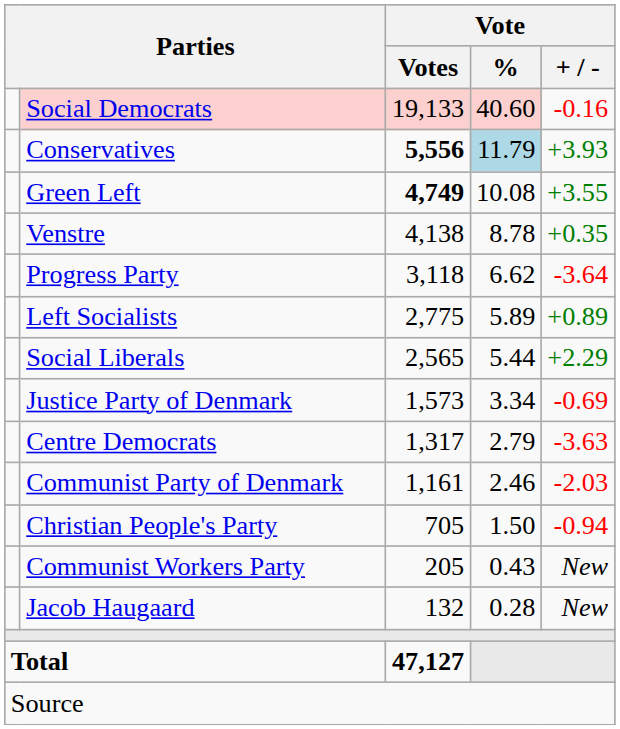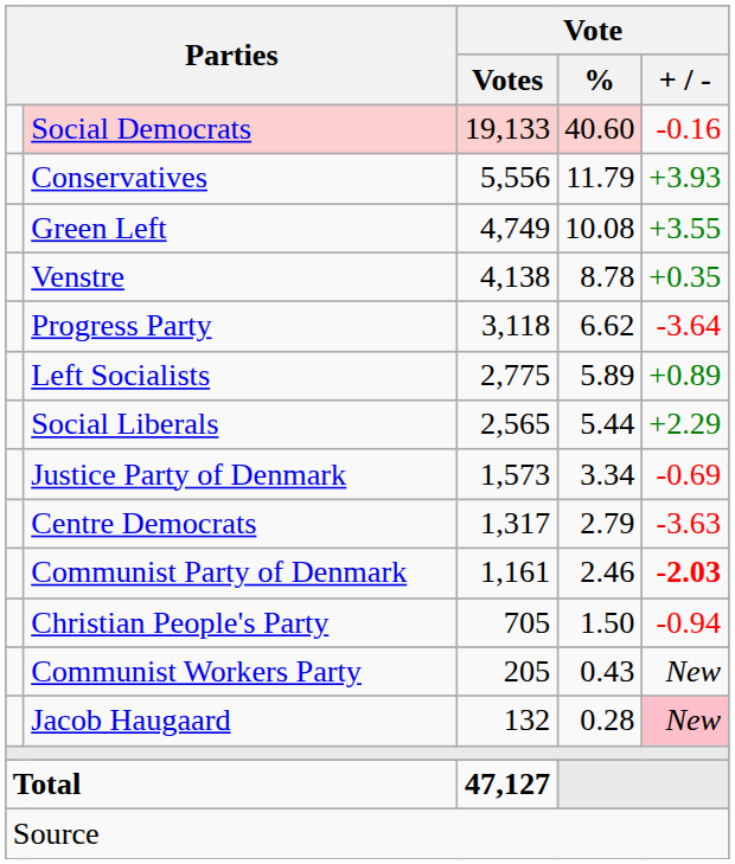 <table class="wikitable" style="text-align:right;">
 <tr>
 <th style="text-align:centre;" rowspan="2" colspan="2" width="225">Parties</th>
 <th colspan="3">Vote</th>
 </tr>
 <tr>
 <th width="15">Votes</th>
 <th width="15">%</th>
 <th width="15">+ / -</th>
 </tr>
 <tr>
 <td width="2" style="color:inherit;background:"></td>
 <td bgcolor=#fbd0ce  align="left"><a href='#'>Social Democrats</a></td>
 <td bgcolor=#fbd0ce>19,133</td>
 <td bgcolor=#fbd0ce>40.60</td>
 <td style=color:red;>-0.16</td>
 </tr>
 <tr>
 <td width="2" style="color:inherit;background:"></td>
 <td align="left"><a href='#'>Conservatives</a></td>
-<td><strong>5,556</strong></td>
-<td style="background: lightblue;">11.79</td>
+<td>5,556</td>
+<td>11.79</td>
 <td style=color:green;>+3.93</td>
 </tr>
 <tr>
 <td width="2" style="color:inherit;background:"></td>
 <td align="left"><a href='#'>Green Left</a></td>
-<td><strong>4,749</strong></td>
+<td>4,749</td>
 <td>10.08</td>
 <td style=color:green;>+3.55</td>
 </tr>
 <tr>
 <td width="2" style="color:inherit;background:"></td>
 <td align="left"><a href='#'>Venstre</a></td>
 <td>4,138</td>
 <td>8.78</td>
 <td style=color:green;>+0.35</td>
 </tr>
 <tr>
 <td width="2" style="color:inherit;background:"></td>
 <td align="left"><a href='#'>Progress Party</a></td>
 <td>3,118</td>
 <td>6.62</td>
 <td style=color:red;>-3.64</td>
 </tr>
 <tr>
 <td width="2" style="color:inherit;background:"></td>
 <td align="left"><a href='#'>Left Socialists</a></td>
 <td>2,775</td>
 <td>5.89</td>
 <td style=color:green;>+0.89</td>
 </tr>
 <tr>
 <td width="2" style="color:inherit;background:"></td>
 <td align="left"><a href='#'>Social Liberals</a></td>
 <td>2,565</td>
 <td>5.44</td>
 <td style=color:green;>+2.29</td>
 </tr>
 <tr>
 <td width="2" style="color:inherit;background:"></td>
 <td align="left"><a href='#'>Justice Party of Denmark</a></td>
 <td>1,573</td>
 <td>3.34</td>
 <td style=color:red;>-0.69</td>
 </tr>
 <tr>
 <td width="2" style="color:inherit;background:"></td>
 <td align="left"><a href='#'>Centre Democrats</a></td>
 <td>1,317</td>
 <td>2.79</td>
 <td style=color:red;>-3.63</td>
 </tr>
 <tr>
 <td width="2" style="color:inherit;background:"></td>
 <td align="left"><a href='#'>Communist Party of Denmark</a></td>
 <td>1,161</td>
 <td>2.46</td>
-<td style=color:red;>-2.03</td>
+<td style=color:red;><strong>-2.03</strong></td>
 </tr>
 <tr>
 <td width="2" style="color:inherit;background:"></td>
 <td align="left"><a href='#'>Christian People's Party</a></td>
 <td>705</td>
 <td>1.50</td>
 <td style=color:red;>-0.94</td>
 </tr>
 <tr>
 <td width="2" style="color:inherit;background:"></td>
 <td align="left"><a href='#'>Communist Workers Party</a></td>
 <td>205</td>
 <td>0.43</td>
 <td><em>New</em></td>
 </tr>
 <tr>
 <td width="2" style="color:inherit;background:"></td>
 <td align="left"><a href='#'>Jacob Haugaard</a></td>
 <td>132</td>
 <td>0.28</td>
-<td><em>New</em></td>
+<td style="background: pink;"><em>New</em></td>
 </tr>
 <tr>
 <td colspan="7" bgcolor="#E9E9E9"></td>
 </tr>
 <tr>
 <td align="left" colspan="2"><strong>Total</strong></td>
 <td><strong>47,127</strong></td>
 <td bgcolor="#E9E9E9" colspan="2"></td>
 </tr>
 <tr>
 <td align="left" colspan="6">Source</td>
 </tr>
 </table>
